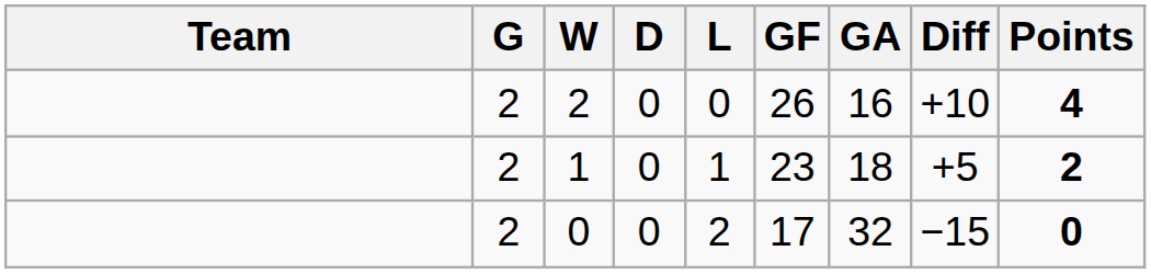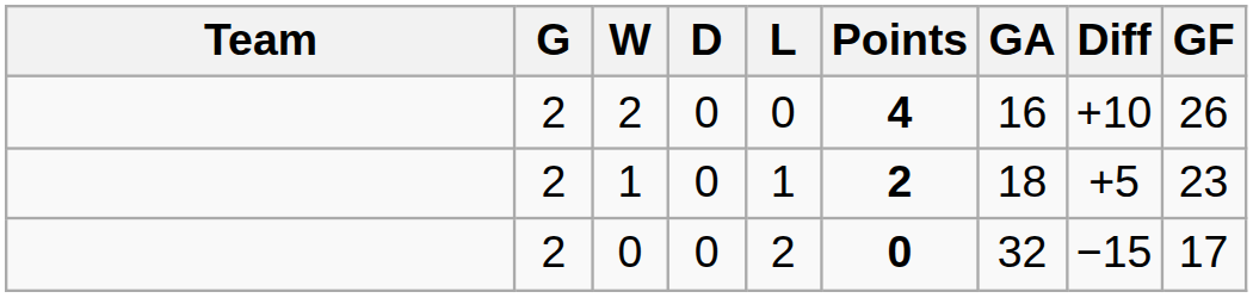 <table class="wikitable" style="text-align: center;">
 <tr>
 <th width="175">Team</th>
 <th width="20">G</th>
 <th width="20">W</th>
 <th width="20">D</th>
 <th width="20">L</th>
-<th width="20">GF</th>
+<th width="20">Points</th>
 <th width="20">GA</th>
 <th width="20">Diff</th>
-<th width="20">Points</th>
+<th width="20">GF</th>
 </tr>
 <tr>
 <td align=left></td>
 <td>2</td>
 <td>2</td>
 <td>0</td>
 <td>0</td>
-<td>26</td>
+<td><strong>4</strong></td>
 <td>16</td>
 <td>+10</td>
-<td><strong>4</strong></td>
+<td>26</td>
 </tr>
 <tr>
 <td align=left></td>
 <td>2</td>
 <td>1</td>
 <td>0</td>
 <td>1</td>
-<td>23</td>
+<td><strong>2</strong></td>
 <td>18</td>
 <td>+5</td>
-<td><strong>2</strong></td>
+<td>23</td>
 </tr>
 <tr>
 <td align=left></td>
 <td>2</td>
 <td>0</td>
 <td>0</td>
 <td>2</td>
-<td>17</td>
+<td><strong>0</strong></td>
 <td>32</td>
 <td>−15</td>
-<td><strong>0</strong></td>
+<td>17</td>
 </tr>
 </table>
